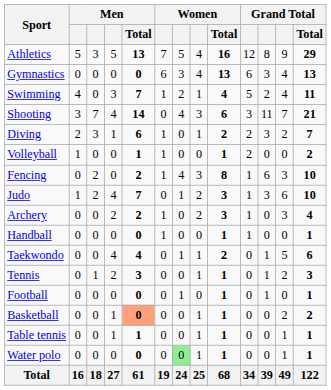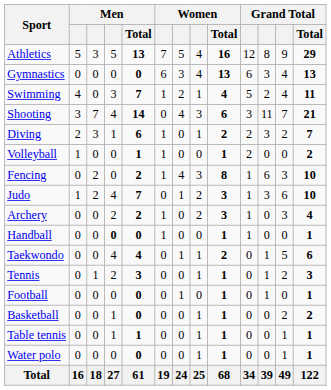 <table class="wikitable" style="font-size: 95%">
 <tr>
 <th rowspan=2>Sport</th>
 <th colspan=4>Men</th>
 <th colspan=4>Women</th>
 <th colspan=4>Grand Total</th>
 </tr>
 <tr>
 <th></th>
 <th></th>
 <th></th>
 <th>Total</th>
 <th></th>
 <th></th>
 <th></th>
 <th>Total</th>
 <th></th>
 <th></th>
 <th></th>
 <th>Total</th>
 </tr>
 <tr align=center>
 <td align=left><a href='#'>Athletics</a></td>
 <td>5</td>
 <td>3</td>
 <td>5</td>
 <td><strong>13</strong></td>
 <td>7</td>
 <td>5</td>
 <td>4</td>
 <td><strong>16</strong></td>
 <td>12</td>
 <td>8</td>
 <td>9</td>
 <td><strong>29</strong></td>
 </tr>
 <tr align=center>
 <td align=left><a href='#'>Gymnastics</a></td>
 <td>0</td>
 <td>0</td>
 <td>0</td>
 <td><strong>0</strong></td>
 <td>6</td>
 <td>3</td>
 <td>4</td>
 <td><strong>13</strong></td>
 <td>6</td>
 <td>3</td>
 <td>4</td>
 <td><strong>13</strong></td>
 </tr>
 <tr align=center>
 <td align=left><a href='#'>Swimming</a></td>
 <td>4</td>
 <td>0</td>
 <td>3</td>
 <td><strong>7</strong></td>
 <td>1</td>
 <td>2</td>
 <td>1</td>
 <td><strong>4</strong></td>
 <td>5</td>
 <td>2</td>
 <td>4</td>
 <td><strong>11</strong></td>
 </tr>
 <tr align=center>
 <td align=left><a href='#'>Shooting</a></td>
 <td>3</td>
 <td>7</td>
 <td>4</td>
 <td><strong>14</strong></td>
 <td>0</td>
 <td>4</td>
 <td>3</td>
 <td><strong>6</strong></td>
 <td>3</td>
 <td>11</td>
 <td>7</td>
 <td><strong>21</strong></td>
 </tr>
 <tr align=center>
 <td align=left><a href='#'>Diving</a></td>
 <td>2</td>
 <td>3</td>
 <td>1</td>
 <td><strong>6</strong></td>
 <td>1</td>
 <td>0</td>
 <td>1</td>
 <td><strong>2</strong></td>
 <td>2</td>
 <td>3</td>
 <td>2</td>
 <td><strong>7</strong></td>
 </tr>
 <tr align=center>
 <td align=left><a href='#'>Volleyball</a></td>
 <td>1</td>
 <td>0</td>
 <td>0</td>
 <td><strong>1</strong></td>
 <td>1</td>
 <td>0</td>
 <td>0</td>
 <td><strong>1</strong></td>
 <td>2</td>
 <td>0</td>
 <td>0</td>
 <td><strong>2</strong></td>
 </tr>
 <tr align=center>
 <td align=left><a href='#'>Fencing</a></td>
 <td>0</td>
 <td>2</td>
 <td>0</td>
 <td><strong>2</strong></td>
 <td>1</td>
 <td>4</td>
 <td>3</td>
 <td><strong>8</strong></td>
 <td>1</td>
 <td>6</td>
 <td>3</td>
 <td><strong>10</strong></td>
 </tr>
 <tr align=center>
 <td align=left><a href='#'>Judo</a></td>
 <td>1</td>
 <td>2</td>
 <td>4</td>
 <td><strong>7</strong></td>
 <td>0</td>
 <td>1</td>
 <td>2</td>
 <td><strong>3</strong></td>
 <td>1</td>
 <td>3</td>
 <td>6</td>
 <td><strong>10</strong></td>
 </tr>
 <tr align=center>
 <td align=left><a href='#'>Archery</a></td>
 <td>0</td>
 <td>0</td>
 <td>2</td>
 <td><strong>2</strong></td>
 <td>1</td>
 <td>0</td>
 <td>2</td>
 <td><strong>3</strong></td>
 <td>1</td>
 <td>0</td>
 <td>3</td>
 <td><strong>4</strong></td>
 </tr>
 <tr align=center>
 <td align=left><a href='#'>Handball</a></td>
 <td>0</td>
 <td>0</td>
-<td>0</td>
+<td><strong>0</strong></td>
 <td><strong>0</strong></td>
 <td>1</td>
 <td>0</td>
 <td>0</td>
 <td><strong>1</strong></td>
 <td>1</td>
 <td>0</td>
 <td>0</td>
 <td><strong>1</strong></td>
 </tr>
 <tr align=center>
 <td align=left><a href='#'>Taekwondo</a></td>
 <td>0</td>
 <td>0</td>
 <td>4</td>
 <td><strong>4</strong></td>
 <td>0</td>
 <td>1</td>
 <td>1</td>
 <td><strong>2</strong></td>
 <td>0</td>
 <td>1</td>
 <td>5</td>
 <td><strong>6</strong></td>
 </tr>
 <tr align=center>
 <td align=left><a href='#'>Tennis</a></td>
 <td>0</td>
 <td>1</td>
 <td>2</td>
 <td><strong>3</strong></td>
 <td>0</td>
 <td>0</td>
 <td>1</td>
 <td><strong>1</strong></td>
 <td>0</td>
 <td>1</td>
 <td>2</td>
 <td><strong>3</strong></td>
 </tr>
 <tr align=center>
 <td align=left><a href='#'>Football</a></td>
 <td>0</td>
 <td>0</td>
 <td>0</td>
 <td><strong>0</strong></td>
 <td>0</td>
 <td>1</td>
 <td>0</td>
 <td><strong>1</strong></td>
 <td>0</td>
 <td>1</td>
 <td>0</td>
 <td><strong>1</strong></td>
 </tr>
 <tr align=center>
 <td align=left><a href='#'>Basketball</a></td>
 <td>0</td>
 <td>0</td>
 <td>1</td>
-<td style="background: lightsalmon;"><strong>0</strong></td>
+<td><strong>0</strong></td>
 <td>0</td>
 <td>0</td>
 <td>1</td>
 <td><strong>1</strong></td>
 <td>0</td>
 <td>0</td>
 <td>2</td>
 <td><strong>2</strong></td>
 </tr>
 <tr align=center>
 <td align=left><a href='#'>Table tennis</a></td>
 <td>0</td>
 <td>0</td>
 <td>1</td>
 <td><strong>1</strong></td>
 <td>0</td>
 <td>0</td>
 <td>1</td>
 <td><strong>1</strong></td>
 <td>0</td>
 <td>0</td>
 <td>1</td>
 <td><strong>1</strong></td>
 </tr>
 <tr align=center>
 <td align=left><a href='#'>Water polo</a></td>
 <td>0</td>
 <td>0</td>
 <td>0</td>
 <td><strong>0</strong></td>
 <td>0</td>
-<td style="background: lightgreen;">0</td>
+<td>0</td>
 <td>1</td>
 <td><strong>1</strong></td>
 <td>0</td>
 <td>0</td>
 <td>1</td>
 <td><strong>1</strong></td>
 </tr>
 <tr align=center>
 <th>Total</th>
 <th>16</th>
 <th>18</th>
 <th>27</th>
 <th>61</th>
 <th>19</th>
 <th>24</th>
 <th>25</th>
 <th>68</th>
 <th>34</th>
 <th>39</th>
 <th>49</th>
 <th>122</th>
 </tr>
 </table>
